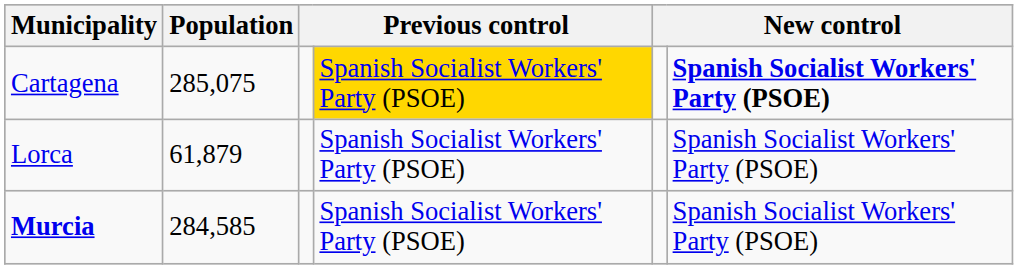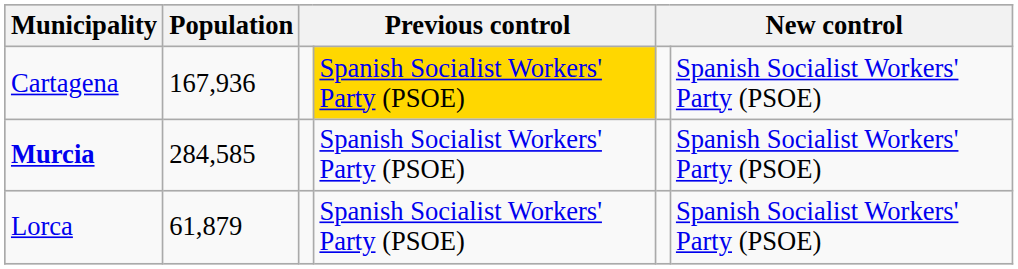 <table class="wikitable sortable">
 <tr>
 <th>Municipality</th>
 <th>Population</th>
 <th colspan="2" style="width:375px;">Previous control</th>
 <th colspan="2" style="width:375px;">New control</th>
 </tr>
 <tr>
 <td><a href='#'>Cartagena</a></td>
-<td>285,075</td>
+<td>167,936</td>
 <td width="1" style="color:inherit;background:"></td>
 <td style="background: gold;"><a href='#'>Spanish Socialist Workers' Party</a> (PSOE)</td>
 <td width="1" style="color:inherit;background:"></td>
-<td><strong><a href='#'>Spanish Socialist Workers' Party</a> (PSOE) </strong></td>
+<td><a href='#'>Spanish Socialist Workers' Party</a> (PSOE) </td>
+</tr>
+<tr>
+<td><strong><a href='#'>Murcia</a></strong></td>
+<td>284,585</td>
+<td style="color:inherit;background:"></td>
+<td><a href='#'>Spanish Socialist Workers' Party</a> (PSOE)</td>
+<td style="color:inherit;background:"></td>
+<td><a href='#'>Spanish Socialist Workers' Party</a> (PSOE)</td>
 </tr>
 <tr>
 <td><a href='#'>Lorca</a></td>
 <td>61,879</td>
 <td style="color:inherit;background:"></td>
 <td><a href='#'>Spanish Socialist Workers' Party</a> (PSOE)</td>
 <td style="color:inherit;background:"></td>
 <td><a href='#'>Spanish Socialist Workers' Party</a> (PSOE)</td>
 </tr>
-<tr>
-<td><strong><a href='#'>Murcia</a></strong></td>
-<td>284,585</td>
-<td style="color:inherit;background:"></td>
-<td><a href='#'>Spanish Socialist Workers' Party</a> (PSOE)</td>
-<td style="color:inherit;background:"></td>
-<td><a href='#'>Spanish Socialist Workers' Party</a> (PSOE)</td>
-</tr>
 </table>
